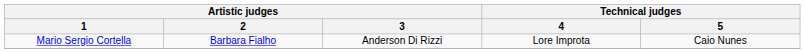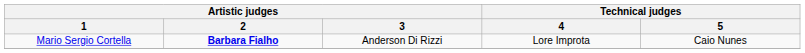 <table class="wikitable" style="font-size:100%; line-height:16px; text-align:center" width="100%">
 <tr>
 <th colspan=3>Artistic judges</th>
 <th colspan=2>Technical judges</th>
 </tr>
 <tr>
 <th width="20.0%">1</th>
 <th width="20.0%">2</th>
 <th width="20.0%">3</th>
 <th width="20.0%">4</th>
 <th width="20.0%">5</th>
 </tr>
 <tr>
 <td><a href='#'>Mario Sergio Cortella</a></td>
-<td><a href='#'>Barbara Fialho</a></td>
+<td><strong><a href='#'>Barbara Fialho</a></strong></td>
 <td>Anderson Di Rizzi</td>
 <td>Lore Improta</td>
 <td>Caio Nunes</td>
 </tr>
 <tr>
 </tr>
 </table>
